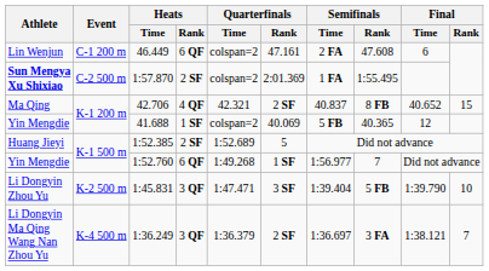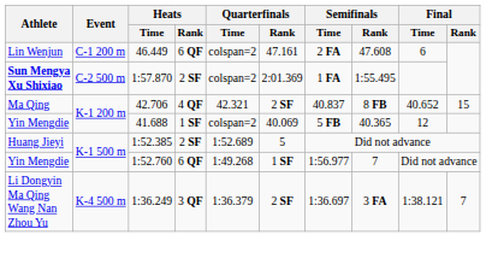 <table class=wikitable style="font-size:90%">
 <tr>
 <th rowspan="2">Athlete</th>
 <th rowspan="2">Event</th>
 <th colspan=2>Heats</th>
 <th colspan=2>Quarterfinals</th>
 <th colspan=2>Semifinals</th>
 <th colspan=2>Final</th>
 </tr>
 <tr style="font-size:95%">
 <th>Time</th>
 <th>Rank</th>
 <th>Time</th>
 <th>Rank</th>
 <th>Time</th>
 <th>Rank</th>
 <th>Time</th>
 <th>Rank</th>
 </tr>
 <tr align=center>
 <td align=left><a href='#'>Lin Wenjun</a></td>
 <td align=left><a href='#'>C-1 200 m</a></td>
 <td>46.449</td>
 <td>6 <strong>QF</strong></td>
 <td>colspan=2 </td>
 <td>47.161</td>
 <td>2 <strong>FA</strong></td>
 <td>47.608</td>
 <td>6</td>
 </tr>
 <tr align=center>
 <td align=left><strong><a href='#'>Sun Mengya</a><br><a href='#'>Xu Shixiao</a></strong></td>
 <td align=left><a href='#'>C-2 500 m</a></td>
 <td>1:57.870</td>
 <td>2 <strong>SF</strong></td>
 <td>colspan=2 </td>
 <td>2:01.369</td>
 <td>1 <strong>FA</strong></td>
 <td>1:55.495</td>
 <td></td>
 </tr>
 <tr align=center>
 <td align=left><a href='#'>Ma Qing</a></td>
 <td align=left rowspan=2><a href='#'>K-1 200 m</a></td>
 <td>42.706</td>
 <td>4 <strong>QF</strong></td>
 <td>42.321</td>
 <td>2 <strong>SF</strong></td>
 <td>40.837</td>
 <td>8 <strong>FB</strong></td>
 <td>40.652</td>
 <td>15</td>
 </tr>
 <tr align=center>
 <td align=left><a href='#'>Yin Mengdie</a></td>
 <td>41.688</td>
 <td>1 <strong>SF</strong></td>
 <td>colspan=2 </td>
 <td>40.069</td>
 <td>5 <strong>FB</strong></td>
 <td>40.365</td>
 <td>12</td>
 </tr>
 <tr align=center>
 <td align=left><a href='#'>Huang Jieyi</a></td>
 <td align=left rowspan=2><a href='#'>K-1 500 m</a></td>
 <td>1:52.385</td>
 <td>2 <strong>SF</strong></td>
 <td>1:52.689</td>
 <td>5</td>
 <td colspan=4>Did not advance</td>
 </tr>
 <tr align=center>
 <td align=left><a href='#'>Yin Mengdie</a></td>
 <td>1:52.760</td>
 <td>6 <strong>QF</strong></td>
 <td>1:49.268</td>
 <td>1 <strong>SF</strong></td>
 <td>1:56.977</td>
 <td>7</td>
 <td colspan=2>Did not advance</td>
 </tr>
 <tr align=center>
-<td align=left><a href='#'>Li Dongyin</a><br><a href='#'>Zhou Yu</a></td>
-<td align=left><a href='#'>K-2 500 m</a></td>
-<td>1:45.831</td>
-<td>3 <strong>QF</strong></td>
-<td>1:47.471</td>
-<td>3 <strong>SF</strong></td>
-<td>1:39.404</td>
-<td>5 <strong>FB</strong></td>
-<td>1:39.790</td>
-<td>10</td>
-</tr>
-<tr align=center>
 <td align=left><a href='#'>Li Dongyin</a><br><a href='#'>Ma Qing</a><br><a href='#'>Wang Nan</a><br><a href='#'>Zhou Yu</a></td>
 <td align=left><a href='#'>K-4 500 m</a></td>
 <td>1:36.249</td>
 <td>3 <strong>QF</strong></td>
 <td>1:36.379</td>
 <td>2 <strong>SF</strong></td>
 <td>1:36.697</td>
 <td>3 <strong>FA</strong></td>
 <td>1:38.121</td>
 <td>7</td>
 </tr>
 </table>
